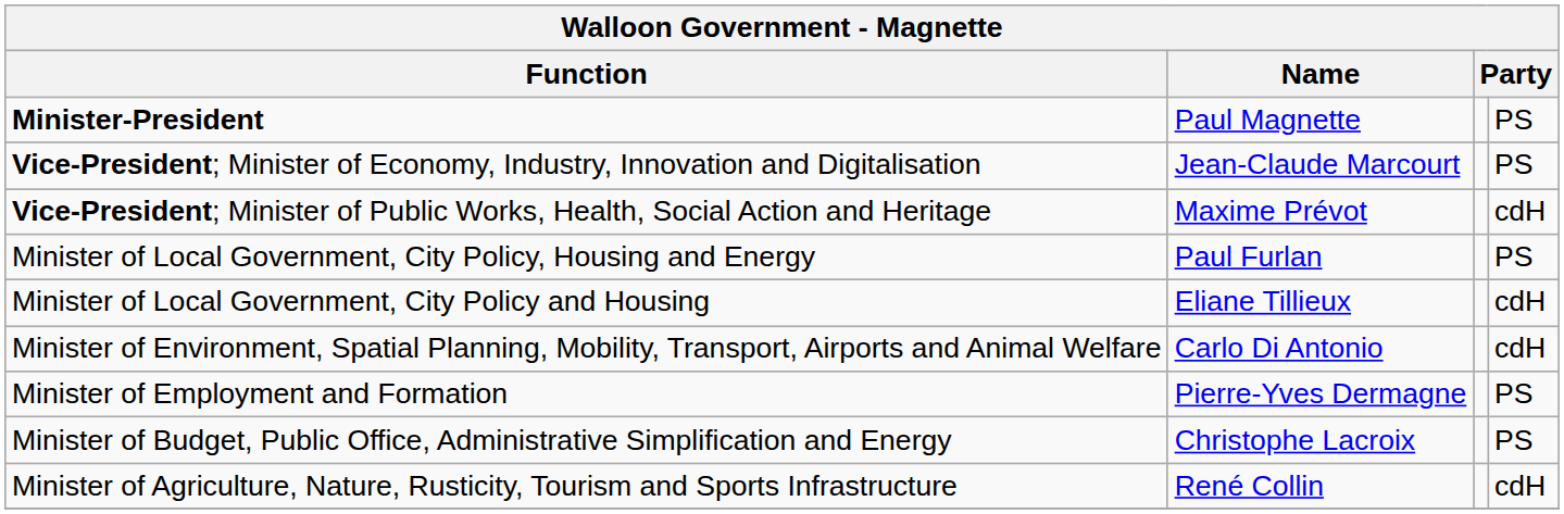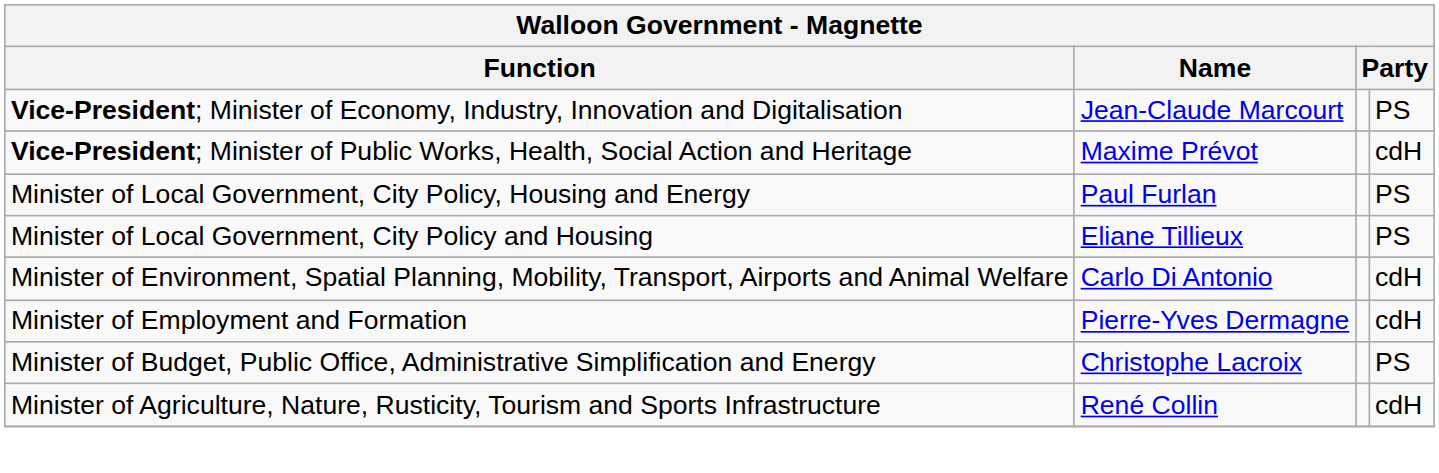 <table class="wikitable">
 <tr>
 <th colspan="4">Walloon Government - Magnette</th>
 </tr>
 <tr>
 <th>Function</th>
 <th>Name</th>
 <th colspan=2>Party</th>
-</tr>
-<tr>
-<td><strong>Minister-President</strong></td>
-<td><a href='#'>Paul Magnette</a></td>
-<td style="background-color:"></td>
-<td>PS</td>
 </tr>
 <tr>
 <td><strong>Vice-President</strong>; Minister of Economy, Industry, Innovation and Digitalisation</td>
 <td><a href='#'>Jean-Claude Marcourt</a></td>
 <td style="background-color:"></td>
 <td>PS</td>
 </tr>
 <tr>
 <td><strong>Vice-President</strong>; Minister of Public Works, Health, Social Action and Heritage</td>
 <td><a href='#'>Maxime Prévot</a></td>
 <td style="background-color:"></td>
 <td>cdH</td>
 </tr>
 <tr>
 <td>Minister of Local Government, City Policy, Housing and Energy</td>
 <td><a href='#'>Paul Furlan</a> </td>
 <td style="background-color:"></td>
 <td>PS</td>
 </tr>
 <tr>
 <td>Minister of Local Government, City Policy and Housing</td>
 <td><a href='#'>Eliane Tillieux</a></td>
 <td style="background-color:"></td>
-<td>cdH</td>
+<td>PS</td>
 </tr>
 <tr>
 <td>Minister of Environment, Spatial Planning, Mobility, Transport, Airports and Animal Welfare</td>
 <td><a href='#'>Carlo Di Antonio</a></td>
 <td style="background-color:"></td>
 <td>cdH</td>
 </tr>
 <tr>
 <td>Minister of Employment and Formation</td>
 <td><a href='#'>Pierre-Yves Dermagne</a> </td>
 <td style="background-color:"></td>
-<td>PS</td>
+<td>cdH</td>
 </tr>
 <tr>
 <td>Minister of Budget, Public Office, Administrative Simplification and Energy</td>
 <td><a href='#'>Christophe Lacroix</a></td>
 <td style="background-color:"></td>
 <td>PS</td>
 </tr>
 <tr>
 <td>Minister of Agriculture, Nature, Rusticity, Tourism and Sports Infrastructure</td>
 <td><a href='#'>René Collin</a></td>
 <td style="background-color:"></td>
 <td>cdH</td>
 </tr>
 <tr>
 </tr>
 </table>
